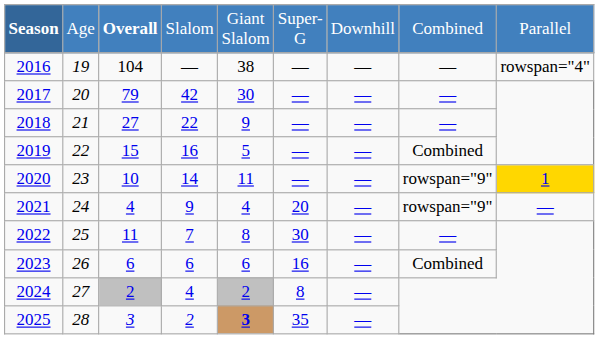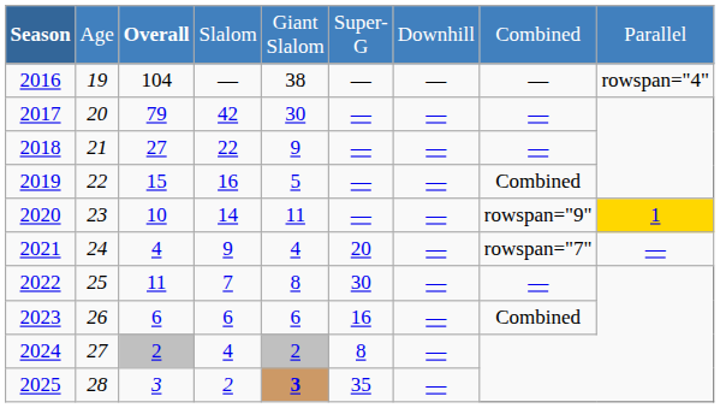 <table class="wikitable" style="font-size:95%; text-align:center; border:grey solid 1px; border-collapse:collapse;" width="40%">
 <tr style="background-color:#369; color:white;">
 <td rowspan="2" colspan="1" width="10%"><strong>Season</strong></td>
 </tr>
 <tr style="background-color:#4180be; color:white;">
 <td width="5%">Age</td>
 <td width="5%"><strong>Overall</strong></td>
 <td width="5%">Slalom</td>
 <td width="5%">Giant<br>Slalom</td>
 <td width="5%">Super-G</td>
 <td width="5%">Downhill</td>
 <td width="5%">Combined</td>
 <td width="5%">Parallel</td>
 </tr>
 <tr style="background-color:#8CB2D8; color:white;">
 </tr>
 <tr>
 <td><a href='#'>2016</a></td>
 <td><em>19</em></td>
 <td>104</td>
 <td>—</td>
 <td>38</td>
 <td>—</td>
 <td>—</td>
 <td>—</td>
 <td>rowspan="4" </td>
 </tr>
 <tr>
 <td><a href='#'>2017</a></td>
 <td><em>20</em></td>
 <td><a href='#'>79</a></td>
 <td><a href='#'>42</a></td>
 <td><a href='#'>30</a></td>
 <td><a href='#'>—</a></td>
 <td><a href='#'>—</a></td>
 <td><a href='#'>—</a></td>
 </tr>
 <tr>
 <td><a href='#'>2018</a></td>
 <td><em>21</em></td>
 <td><a href='#'>27</a></td>
 <td><a href='#'>22</a></td>
 <td><a href='#'>9</a></td>
 <td><a href='#'>—</a></td>
 <td><a href='#'>—</a></td>
 <td><a href='#'>—</a></td>
 </tr>
 <tr>
 <td><a href='#'>2019</a></td>
 <td><em>22</em></td>
 <td><a href='#'>15</a></td>
 <td><a href='#'>16</a></td>
 <td><a href='#'>5</a></td>
 <td><a href='#'>—</a></td>
 <td><a href='#'>—</a></td>
 <td width="5%">Combined</td>
 </tr>
 <tr>
 <td><a href='#'>2020</a></td>
 <td><em>23</em></td>
 <td><a href='#'>10</a></td>
 <td><a href='#'>14</a></td>
 <td><a href='#'>11</a></td>
 <td><a href='#'>—</a></td>
 <td><a href='#'>—</a></td>
 <td>rowspan="9" </td>
 <td style="background:gold;"><a href='#'>1</a></td>
 </tr>
 <tr>
 <td><a href='#'>2021</a></td>
 <td><em>24</em></td>
 <td><a href='#'>4</a></td>
 <td><a href='#'>9</a></td>
 <td><a href='#'>4</a></td>
 <td><a href='#'>20</a></td>
 <td><a href='#'>—</a></td>
-<td>rowspan="9" </td>
+<td>rowspan="7" </td>
 <td><a href='#'>—</a></td>
 </tr>
 <tr>
 <td><a href='#'>2022</a></td>
 <td><em>25</em></td>
 <td><a href='#'>11</a></td>
 <td><a href='#'>7</a></td>
 <td><a href='#'>8</a></td>
 <td><a href='#'>30</a></td>
 <td><a href='#'>—</a></td>
 <td><a href='#'>—</a></td>
 </tr>
 <tr>
 <td><a href='#'>2023</a></td>
 <td><em>26</em></td>
 <td><a href='#'>6</a></td>
 <td><a href='#'>6</a></td>
 <td><a href='#'>6</a></td>
 <td><a href='#'>16</a></td>
 <td><a href='#'>—</a></td>
 <td width="5%">Combined</td>
 </tr>
 <tr>
 <td><a href='#'>2024</a></td>
 <td><em>27</em></td>
 <td style="background:silver;"><a href='#'>2</a></td>
 <td><a href='#'>4</a></td>
 <td style="background:silver;"><a href='#'>2</a></td>
 <td><a href='#'>8</a></td>
 <td><a href='#'>—</a></td>
 </tr>
 <tr>
 <td><a href='#'>2025</a></td>
 <td><em>28</em></td>
 <td><a href='#'><em>3</em></a></td>
 <td><a href='#'><em>2</em></a></td>
 <td style="background:#c96;"><strong><a href='#'>3</a></strong></td>
 <td><a href='#'>35</a></td>
 <td><a href='#'>—</a></td>
 </tr>
 </table>
